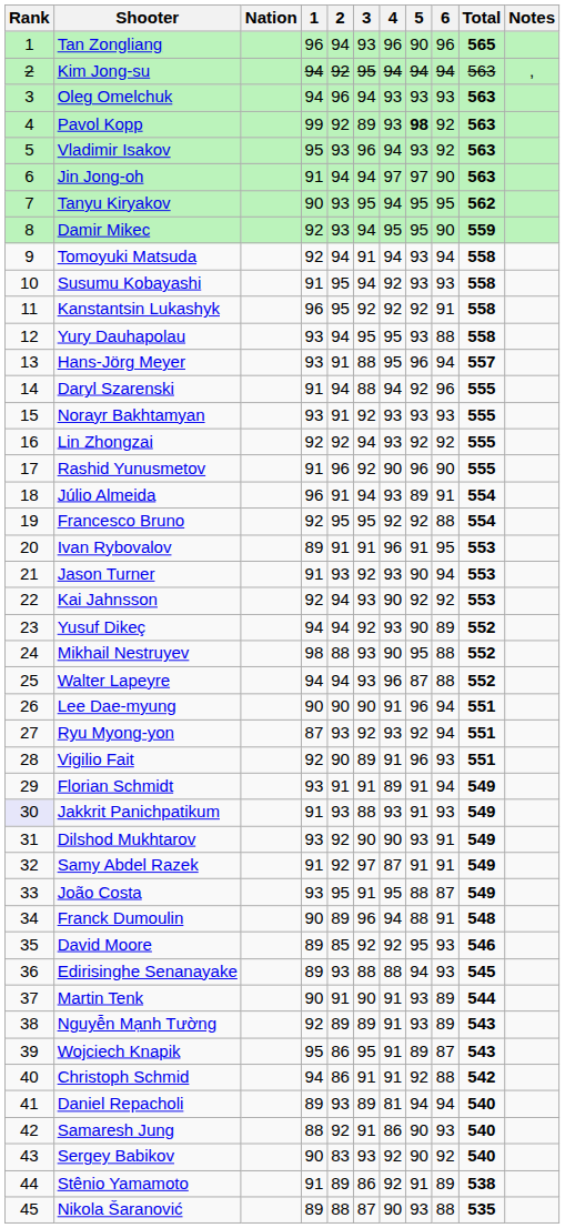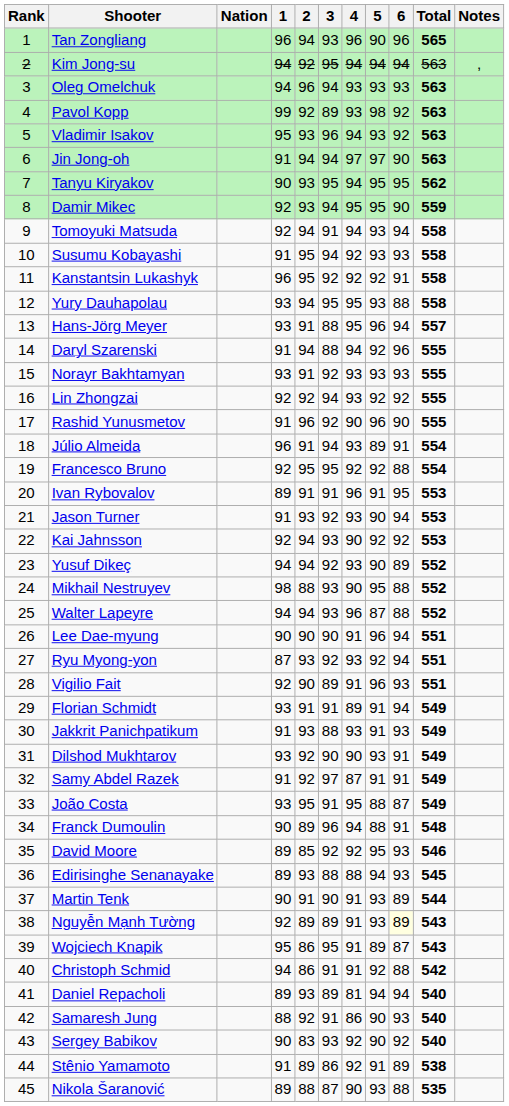 <table class="wikitable sortable" style="text-align:center">
 <tr>
 <th>Rank</th>
 <th>Shooter</th>
 <th>Nation</th>
 <th>1</th>
 <th>2</th>
 <th>3</th>
 <th>4</th>
 <th>5</th>
 <th>6</th>
 <th>Total</th>
 <th>Notes</th>
 </tr>
 <tr bgcolor=#bbf3bb>
 <td>1</td>
 <td align=left><a href='#'>Tan Zongliang</a></td>
 <td align="left"></td>
 <td>96</td>
 <td>94</td>
 <td>93</td>
 <td>96</td>
 <td>90</td>
 <td>96</td>
 <td><strong>565</strong></td>
 <td></td>
 </tr>
 <tr bgcolor=#bbf3bb>
 <td><s>2</s></td>
 <td align=left><a href='#'>Kim Jong-su</a></td>
 <td align="left"></td>
 <td><s>94</s></td>
 <td><s>92</s></td>
 <td><s>95</s></td>
 <td><s>94</s></td>
 <td><s>94</s></td>
 <td><s>94</s></td>
 <td><s>563</s></td>
 <td>, </td>
 </tr>
 <tr bgcolor=#bbf3bb>
 <td>3</td>
 <td align=left><a href='#'>Oleg Omelchuk</a></td>
 <td align="left"></td>
 <td>94</td>
 <td>96</td>
 <td>94</td>
 <td>93</td>
 <td>93</td>
 <td>93</td>
 <td><strong>563</strong></td>
 <td></td>
 </tr>
 <tr bgcolor=#bbf3bb>
 <td>4</td>
 <td align=left><a href='#'>Pavol Kopp</a></td>
 <td align="left"></td>
 <td>99</td>
 <td>92</td>
 <td>89</td>
 <td>93</td>
-<td><strong>98</strong></td>
+<td>98</td>
 <td>92</td>
 <td><strong>563</strong></td>
 <td></td>
 </tr>
 <tr bgcolor=#bbf3bb>
 <td>5</td>
 <td align=left><a href='#'>Vladimir Isakov</a></td>
 <td align="left"></td>
 <td>95</td>
 <td>93</td>
 <td>96</td>
 <td>94</td>
 <td>93</td>
 <td>92</td>
 <td><strong>563</strong></td>
 <td></td>
 </tr>
 <tr bgcolor=#bbf3bb>
 <td>6</td>
 <td align=left><a href='#'>Jin Jong-oh</a></td>
 <td align="left"></td>
 <td>91</td>
 <td>94</td>
 <td>94</td>
 <td>97</td>
 <td>97</td>
 <td>90</td>
 <td><strong>563</strong></td>
 <td></td>
 </tr>
 <tr bgcolor=#bbf3bb>
 <td>7</td>
 <td align=left><a href='#'>Tanyu Kiryakov</a></td>
 <td align="left"></td>
 <td>90</td>
 <td>93</td>
 <td>95</td>
 <td>94</td>
 <td>95</td>
 <td>95</td>
 <td><strong>562</strong></td>
 <td></td>
 </tr>
 <tr bgcolor=#bbf3bb>
 <td>8</td>
 <td align=left><a href='#'>Damir Mikec</a></td>
 <td align="left"></td>
 <td>92</td>
 <td>93</td>
 <td>94</td>
 <td>95</td>
 <td>95</td>
 <td>90</td>
 <td><strong>559</strong></td>
 <td></td>
 </tr>
 <tr>
 <td>9</td>
 <td align=left><a href='#'>Tomoyuki Matsuda</a></td>
 <td align="left"></td>
 <td>92</td>
 <td>94</td>
 <td>91</td>
 <td>94</td>
 <td>93</td>
 <td>94</td>
 <td><strong>558</strong></td>
 <td></td>
 </tr>
 <tr>
 <td>10</td>
 <td align=left><a href='#'>Susumu Kobayashi</a></td>
 <td align="left"></td>
 <td>91</td>
 <td>95</td>
 <td>94</td>
 <td>92</td>
 <td>93</td>
 <td>93</td>
 <td><strong>558</strong></td>
 <td></td>
 </tr>
 <tr>
 <td>11</td>
 <td align=left><a href='#'>Kanstantsin Lukashyk</a></td>
 <td align="left"></td>
 <td>96</td>
 <td>95</td>
 <td>92</td>
 <td>92</td>
 <td>92</td>
 <td>91</td>
 <td><strong>558</strong></td>
 <td></td>
 </tr>
 <tr>
 <td>12</td>
 <td align=left><a href='#'>Yury Dauhapolau</a></td>
 <td align="left"></td>
 <td>93</td>
 <td>94</td>
 <td>95</td>
 <td>95</td>
 <td>93</td>
 <td>88</td>
 <td><strong>558</strong></td>
 <td></td>
 </tr>
 <tr>
 <td>13</td>
 <td align=left><a href='#'>Hans-Jörg Meyer</a></td>
 <td align="left"></td>
 <td>93</td>
 <td>91</td>
 <td>88</td>
 <td>95</td>
 <td>96</td>
 <td>94</td>
 <td><strong>557</strong></td>
 <td></td>
 </tr>
 <tr>
 <td>14</td>
 <td align=left><a href='#'>Daryl Szarenski</a></td>
 <td align="left"></td>
 <td>91</td>
 <td>94</td>
 <td>88</td>
 <td>94</td>
 <td>92</td>
 <td>96</td>
 <td><strong>555</strong></td>
 <td></td>
 </tr>
 <tr>
 <td>15</td>
 <td align=left><a href='#'>Norayr Bakhtamyan</a></td>
 <td align="left"></td>
 <td>93</td>
 <td>91</td>
 <td>92</td>
 <td>93</td>
 <td>93</td>
 <td>93</td>
 <td><strong>555</strong></td>
 <td></td>
 </tr>
 <tr>
 <td>16</td>
 <td align=left><a href='#'>Lin Zhongzai</a></td>
 <td align="left"></td>
 <td>92</td>
 <td>92</td>
 <td>94</td>
 <td>93</td>
 <td>92</td>
 <td>92</td>
 <td><strong>555</strong></td>
 <td></td>
 </tr>
 <tr>
 <td>17</td>
 <td align=left><a href='#'>Rashid Yunusmetov</a></td>
 <td align="left"></td>
 <td>91</td>
 <td>96</td>
 <td>92</td>
 <td>90</td>
 <td>96</td>
 <td>90</td>
 <td><strong>555</strong></td>
 <td></td>
 </tr>
 <tr>
 <td>18</td>
 <td align=left><a href='#'>Júlio Almeida</a></td>
 <td align="left"></td>
 <td>96</td>
 <td>91</td>
 <td>94</td>
 <td>93</td>
 <td>89</td>
 <td>91</td>
 <td><strong>554</strong></td>
 <td></td>
 </tr>
 <tr>
 <td>19</td>
 <td align=left><a href='#'>Francesco Bruno</a></td>
 <td align="left"></td>
 <td>92</td>
 <td>95</td>
 <td>95</td>
 <td>92</td>
 <td>92</td>
 <td>88</td>
 <td><strong>554</strong></td>
 <td></td>
 </tr>
 <tr>
 <td>20</td>
 <td align=left><a href='#'>Ivan Rybovalov</a></td>
 <td align="left"></td>
 <td>89</td>
 <td>91</td>
 <td>91</td>
 <td>96</td>
 <td>91</td>
 <td>95</td>
 <td><strong>553</strong></td>
 <td></td>
 </tr>
 <tr>
 <td>21</td>
 <td align=left><a href='#'>Jason Turner</a></td>
 <td align="left"></td>
 <td>91</td>
 <td>93</td>
 <td>92</td>
 <td>93</td>
 <td>90</td>
 <td>94</td>
 <td><strong>553</strong></td>
 <td></td>
 </tr>
 <tr>
 <td>22</td>
 <td align=left><a href='#'>Kai Jahnsson</a></td>
 <td align="left"></td>
 <td>92</td>
 <td>94</td>
 <td>93</td>
 <td>90</td>
 <td>92</td>
 <td>92</td>
 <td><strong>553</strong></td>
 <td></td>
 </tr>
 <tr>
 <td>23</td>
 <td align=left><a href='#'>Yusuf Dikeç</a></td>
 <td align="left"></td>
 <td>94</td>
 <td>94</td>
 <td>92</td>
 <td>93</td>
 <td>90</td>
 <td>89</td>
 <td><strong>552</strong></td>
 <td></td>
 </tr>
 <tr>
 <td>24</td>
 <td align=left><a href='#'>Mikhail Nestruyev</a></td>
 <td align="left"></td>
 <td>98</td>
 <td>88</td>
 <td>93</td>
 <td>90</td>
 <td>95</td>
 <td>88</td>
 <td><strong>552</strong></td>
 <td></td>
 </tr>
 <tr>
 <td>25</td>
 <td align=left><a href='#'>Walter Lapeyre</a></td>
 <td align="left"></td>
 <td>94</td>
 <td>94</td>
 <td>93</td>
 <td>96</td>
 <td>87</td>
 <td>88</td>
 <td><strong>552</strong></td>
 <td></td>
 </tr>
 <tr>
 <td>26</td>
 <td align=left><a href='#'>Lee Dae-myung</a></td>
 <td align="left"></td>
 <td>90</td>
 <td>90</td>
 <td>90</td>
 <td>91</td>
 <td>96</td>
 <td>94</td>
 <td><strong>551</strong></td>
 <td></td>
 </tr>
 <tr>
 <td>27</td>
 <td align=left><a href='#'>Ryu Myong-yon</a></td>
 <td align="left"></td>
 <td>87</td>
 <td>93</td>
 <td>92</td>
 <td>93</td>
 <td>92</td>
 <td>94</td>
 <td><strong>551</strong></td>
 <td></td>
 </tr>
 <tr>
 <td>28</td>
 <td align=left><a href='#'>Vigilio Fait</a></td>
 <td align="left"></td>
 <td>92</td>
 <td>90</td>
 <td>89</td>
 <td>91</td>
 <td>96</td>
 <td>93</td>
 <td><strong>551</strong></td>
 <td></td>
 </tr>
 <tr>
 <td>29</td>
 <td align=left><a href='#'>Florian Schmidt</a></td>
 <td align="left"></td>
 <td>93</td>
 <td>91</td>
 <td>91</td>
 <td>89</td>
 <td>91</td>
 <td>94</td>
 <td><strong>549</strong></td>
 <td></td>
 </tr>
 <tr>
-<td style="background: lavender;">30</td>
+<td>30</td>
 <td align=left><a href='#'>Jakkrit Panichpatikum</a></td>
 <td align="left"></td>
 <td>91</td>
 <td>93</td>
 <td>88</td>
 <td>93</td>
 <td>91</td>
 <td>93</td>
 <td><strong>549</strong></td>
 <td></td>
 </tr>
 <tr>
 <td>31</td>
 <td align=left><a href='#'>Dilshod Mukhtarov</a></td>
 <td align="left"></td>
 <td>93</td>
 <td>92</td>
 <td>90</td>
 <td>90</td>
 <td>93</td>
 <td>91</td>
 <td><strong>549</strong></td>
 <td></td>
 </tr>
 <tr>
 <td>32</td>
 <td align=left><a href='#'>Samy Abdel Razek</a></td>
 <td align="left"></td>
 <td>91</td>
 <td>92</td>
 <td>97</td>
 <td>87</td>
 <td>91</td>
 <td>91</td>
 <td><strong>549</strong></td>
 <td></td>
 </tr>
 <tr>
 <td>33</td>
 <td align=left><a href='#'>João Costa</a></td>
 <td align="left"></td>
 <td>93</td>
 <td>95</td>
 <td>91</td>
 <td>95</td>
 <td>88</td>
 <td>87</td>
 <td><strong>549</strong></td>
 <td></td>
 </tr>
 <tr>
 <td>34</td>
 <td align=left><a href='#'>Franck Dumoulin</a></td>
 <td align="left"></td>
 <td>90</td>
 <td>89</td>
 <td>96</td>
 <td>94</td>
 <td>88</td>
 <td>91</td>
 <td><strong>548</strong></td>
 <td></td>
 </tr>
 <tr>
 <td>35</td>
 <td align=left><a href='#'>David Moore</a></td>
 <td align="left"></td>
 <td>89</td>
 <td>85</td>
 <td>92</td>
 <td>92</td>
 <td>95</td>
 <td>93</td>
 <td><strong>546</strong></td>
 <td></td>
 </tr>
 <tr>
 <td>36</td>
 <td align=left><a href='#'>Edirisinghe Senanayake</a></td>
 <td align="left"></td>
 <td>89</td>
 <td>93</td>
 <td>88</td>
 <td>88</td>
 <td>94</td>
 <td>93</td>
 <td><strong>545</strong></td>
 <td></td>
 </tr>
 <tr>
 <td>37</td>
 <td align=left><a href='#'>Martin Tenk</a></td>
 <td align="left"></td>
 <td>90</td>
 <td>91</td>
 <td>90</td>
 <td>91</td>
 <td>93</td>
 <td>89</td>
 <td><strong>544</strong></td>
 <td></td>
 </tr>
 <tr>
 <td>38</td>
 <td align=left><a href='#'>Nguyễn Mạnh Tường</a></td>
 <td align="left"></td>
 <td>92</td>
 <td>89</td>
 <td>89</td>
 <td>91</td>
 <td>93</td>
-<td>89</td>
+<td style="background: lightyellow;">89</td>
 <td><strong>543</strong></td>
 <td></td>
 </tr>
 <tr>
 <td>39</td>
 <td align=left><a href='#'>Wojciech Knapik</a></td>
 <td align="left"></td>
 <td>95</td>
 <td>86</td>
 <td>95</td>
 <td>91</td>
 <td>89</td>
 <td>87</td>
 <td><strong>543</strong></td>
 <td></td>
 </tr>
 <tr>
 <td>40</td>
 <td align=left><a href='#'>Christoph Schmid</a></td>
 <td align="left"></td>
 <td>94</td>
 <td>86</td>
 <td>91</td>
 <td>91</td>
 <td>92</td>
 <td>88</td>
 <td><strong>542</strong></td>
 <td></td>
 </tr>
 <tr>
 <td>41</td>
 <td align=left><a href='#'>Daniel Repacholi</a></td>
 <td align="left"></td>
 <td>89</td>
 <td>93</td>
 <td>89</td>
 <td>81</td>
 <td>94</td>
 <td>94</td>
 <td><strong>540</strong></td>
 <td></td>
 </tr>
 <tr>
 <td>42</td>
 <td align=left><a href='#'>Samaresh Jung</a></td>
 <td align="left"></td>
 <td>88</td>
 <td>92</td>
 <td>91</td>
 <td>86</td>
 <td>90</td>
 <td>93</td>
 <td><strong>540</strong></td>
 <td></td>
 </tr>
 <tr>
 <td>43</td>
 <td align=left><a href='#'>Sergey Babikov</a></td>
 <td align="left"></td>
 <td>90</td>
 <td>83</td>
 <td>93</td>
 <td>92</td>
 <td>90</td>
 <td>92</td>
 <td><strong>540</strong></td>
 <td></td>
 </tr>
 <tr>
 <td>44</td>
 <td align=left><a href='#'>Stênio Yamamoto</a></td>
 <td align="left"></td>
 <td>91</td>
 <td>89</td>
 <td>86</td>
 <td>92</td>
 <td>91</td>
 <td>89</td>
 <td><strong>538</strong></td>
 <td></td>
 </tr>
 <tr>
 <td>45</td>
 <td align=left><a href='#'>Nikola Šaranović</a></td>
 <td align="left"></td>
 <td>89</td>
 <td>88</td>
 <td>87</td>
 <td>90</td>
 <td>93</td>
 <td>88</td>
 <td><strong>535</strong></td>
 <td></td>
 </tr>
 </table>
